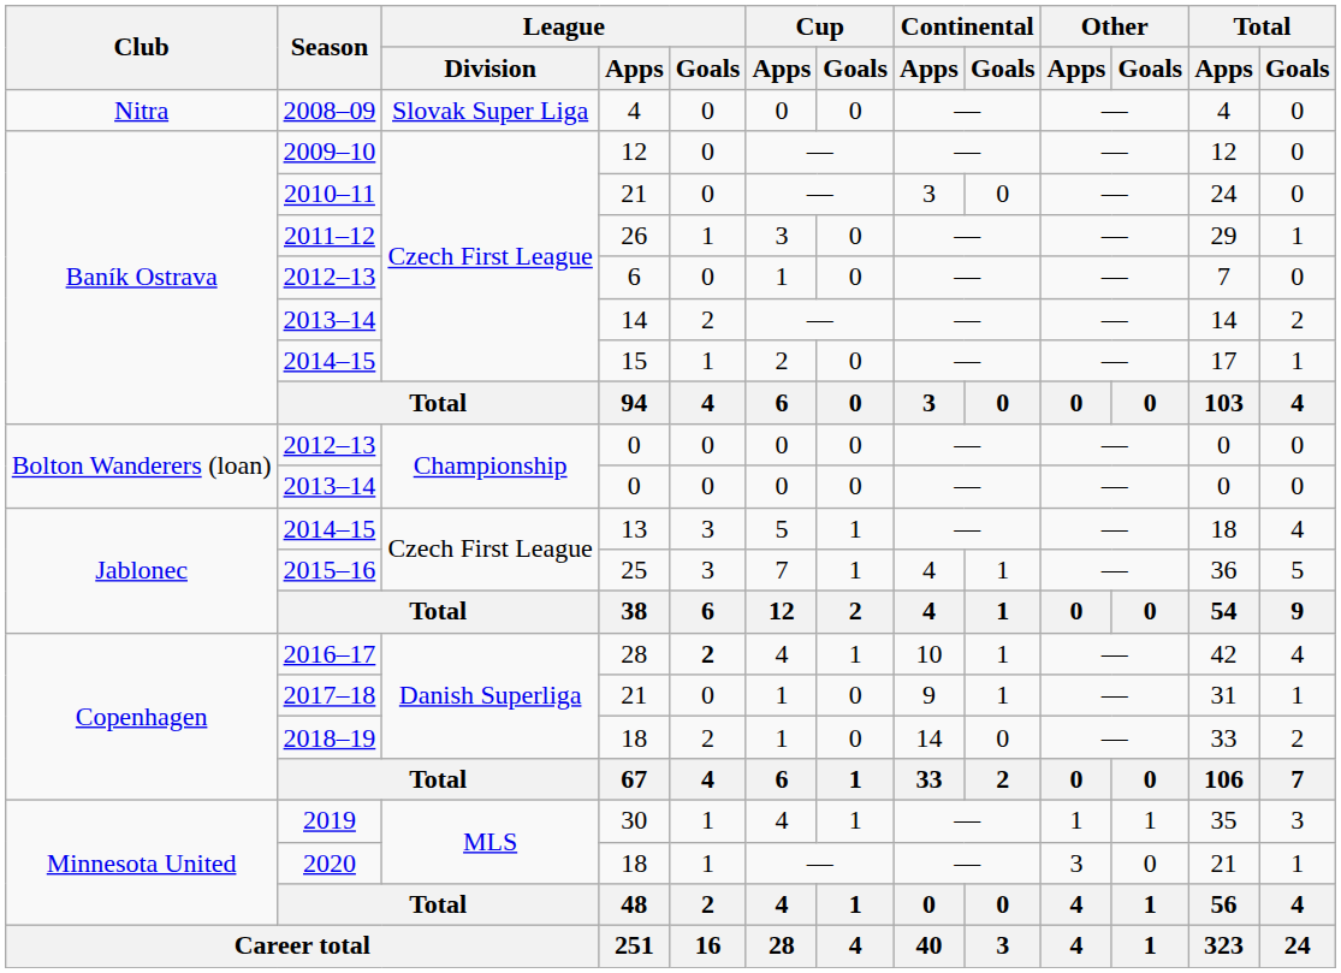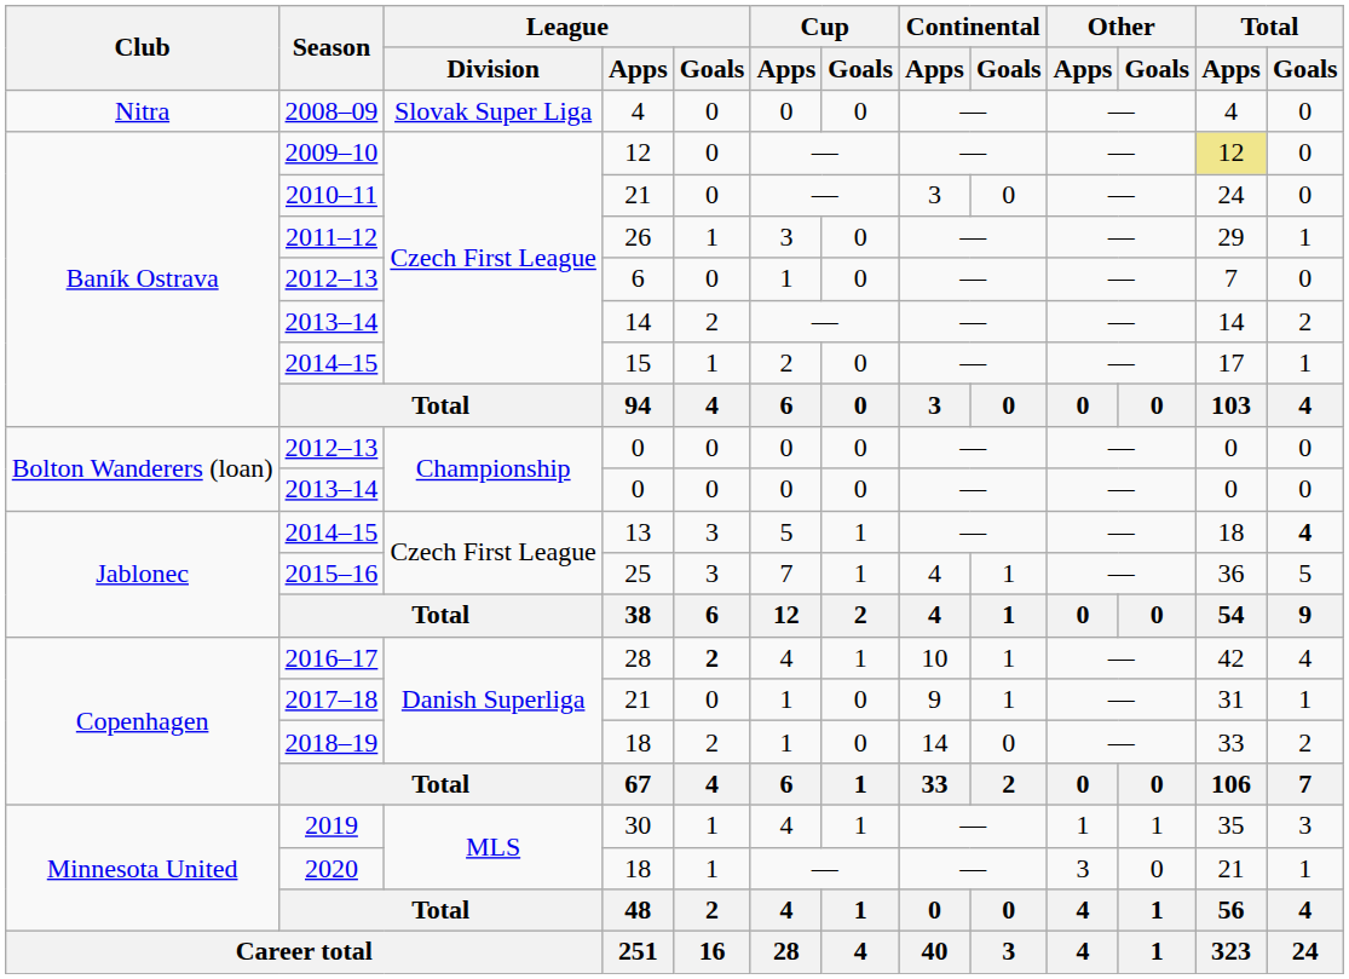 <table class="wikitable" style="text-align:center">
 <tr>
 <th rowspan="2">Club</th>
 <th rowspan="2">Season</th>
 <th colspan="3">League</th>
 <th colspan="2">Cup</th>
 <th colspan="2">Continental</th>
 <th colspan="2">Other</th>
 <th colspan="2">Total</th>
 </tr>
 <tr>
 <th>Division</th>
 <th>Apps</th>
 <th>Goals</th>
 <th>Apps</th>
 <th>Goals</th>
 <th>Apps</th>
 <th>Goals</th>
 <th>Apps</th>
 <th>Goals</th>
 <th>Apps</th>
 <th>Goals</th>
 </tr>
 <tr>
 <td><a href='#'>Nitra</a></td>
 <td><a href='#'>2008–09</a></td>
 <td><a href='#'>Slovak Super Liga</a></td>
 <td>4</td>
 <td>0</td>
 <td>0</td>
 <td>0</td>
 <td colspan="2">—</td>
 <td colspan="2">—</td>
 <td>4</td>
 <td>0</td>
 </tr>
 <tr>
 <td rowspan="7"><a href='#'>Baník Ostrava</a></td>
 <td><a href='#'>2009–10</a></td>
 <td rowspan="6"><a href='#'>Czech First League</a></td>
 <td>12</td>
 <td>0</td>
 <td colspan="2">—</td>
 <td colspan="2">—</td>
 <td colspan="2">—</td>
-<td>12</td>
+<td style="background: khaki;">12</td>
 <td>0</td>
 </tr>
 <tr>
 <td><a href='#'>2010–11</a></td>
 <td>21</td>
 <td>0</td>
 <td colspan="2">—</td>
 <td>3</td>
 <td>0</td>
 <td colspan="2">—</td>
 <td>24</td>
 <td>0</td>
 </tr>
 <tr>
 <td><a href='#'>2011–12</a></td>
 <td>26</td>
 <td>1</td>
 <td>3</td>
 <td>0</td>
 <td colspan="2">—</td>
 <td colspan="2">—</td>
 <td>29</td>
 <td>1</td>
 </tr>
 <tr>
 <td><a href='#'>2012–13</a></td>
 <td>6</td>
 <td>0</td>
 <td>1</td>
 <td>0</td>
 <td colspan="2">—</td>
 <td colspan="2">—</td>
 <td>7</td>
 <td>0</td>
 </tr>
 <tr>
 <td><a href='#'>2013–14</a></td>
 <td>14</td>
 <td>2</td>
 <td colspan="2">—</td>
 <td colspan="2">—</td>
 <td colspan="2">—</td>
 <td>14</td>
 <td>2</td>
 </tr>
 <tr>
 <td><a href='#'>2014–15</a></td>
 <td>15</td>
 <td>1</td>
 <td>2</td>
 <td>0</td>
 <td colspan="2">—</td>
 <td colspan="2">—</td>
 <td>17</td>
 <td>1</td>
 </tr>
 <tr>
 <th colspan="2">Total</th>
 <th>94</th>
 <th>4</th>
 <th>6</th>
 <th>0</th>
 <th>3</th>
 <th>0</th>
 <th>0</th>
 <th>0</th>
 <th>103</th>
 <th>4</th>
 </tr>
 <tr>
 <td rowspan="2"><a href='#'>Bolton Wanderers</a> (loan)</td>
 <td><a href='#'>2012–13</a></td>
 <td rowspan="2"><a href='#'>Championship</a></td>
 <td>0</td>
 <td>0</td>
 <td>0</td>
 <td>0</td>
 <td colspan="2">—</td>
 <td colspan="2">—</td>
 <td>0</td>
 <td>0</td>
 </tr>
 <tr>
 <td><a href='#'>2013–14</a></td>
 <td>0</td>
 <td>0</td>
 <td>0</td>
 <td>0</td>
 <td colspan="2">—</td>
 <td colspan="2">—</td>
 <td>0</td>
 <td>0</td>
 </tr>
 <tr>
 <td rowspan="3"><a href='#'>Jablonec</a></td>
 <td><a href='#'>2014–15</a></td>
 <td rowspan="2">Czech First League</td>
 <td>13</td>
 <td>3</td>
 <td>5</td>
 <td>1</td>
 <td colspan="2">—</td>
 <td colspan="2">—</td>
 <td>18</td>
-<td>4</td>
+<td><strong>4</strong></td>
 </tr>
 <tr>
 <td><a href='#'>2015–16</a></td>
 <td>25</td>
 <td>3</td>
 <td>7</td>
 <td>1</td>
 <td>4</td>
 <td>1</td>
 <td colspan="2">—</td>
 <td>36</td>
 <td>5</td>
 </tr>
 <tr>
 <th colspan="2">Total</th>
 <th>38</th>
 <th>6</th>
 <th>12</th>
 <th>2</th>
 <th>4</th>
 <th>1</th>
 <th>0</th>
 <th>0</th>
 <th>54</th>
 <th>9</th>
 </tr>
 <tr>
 <td rowspan="4"><a href='#'>Copenhagen</a></td>
 <td><a href='#'>2016–17</a></td>
 <td rowspan="3"><a href='#'>Danish Superliga</a></td>
 <td>28</td>
 <td><strong>2</strong></td>
 <td>4</td>
 <td>1</td>
 <td>10</td>
 <td>1</td>
 <td colspan="2">—</td>
 <td>42</td>
 <td>4</td>
 </tr>
 <tr>
 <td><a href='#'>2017–18</a></td>
 <td>21</td>
 <td>0</td>
 <td>1</td>
 <td>0</td>
 <td>9</td>
 <td>1</td>
 <td colspan="2">—</td>
 <td>31</td>
 <td>1</td>
 </tr>
 <tr>
 <td><a href='#'>2018–19</a></td>
 <td>18</td>
 <td>2</td>
 <td>1</td>
 <td>0</td>
 <td>14</td>
 <td>0</td>
 <td colspan="2">—</td>
 <td>33</td>
 <td>2</td>
 </tr>
 <tr>
 <th colspan="2">Total</th>
 <th>67</th>
 <th>4</th>
 <th>6</th>
 <th>1</th>
 <th>33</th>
 <th>2</th>
 <th>0</th>
 <th>0</th>
 <th>106</th>
 <th>7</th>
 </tr>
 <tr>
 <td rowspan="3"><a href='#'>Minnesota United</a></td>
 <td><a href='#'>2019</a></td>
 <td rowspan="2"><a href='#'>MLS</a></td>
 <td>30</td>
 <td>1</td>
 <td>4</td>
 <td>1</td>
 <td colspan="2">—</td>
 <td>1</td>
 <td>1</td>
 <td>35</td>
 <td>3</td>
 </tr>
 <tr>
 <td><a href='#'>2020</a></td>
 <td>18</td>
 <td>1</td>
 <td colspan="2">—</td>
 <td colspan="2">—</td>
 <td>3</td>
 <td>0</td>
 <td>21</td>
 <td>1</td>
 </tr>
 <tr>
 <th colspan="2">Total</th>
 <th>48</th>
 <th>2</th>
 <th>4</th>
 <th>1</th>
 <th>0</th>
 <th>0</th>
 <th>4</th>
 <th>1</th>
 <th>56</th>
 <th>4</th>
 </tr>
 <tr>
 <th colspan="3">Career total</th>
 <th>251</th>
 <th>16</th>
 <th>28</th>
 <th>4</th>
 <th>40</th>
 <th>3</th>
 <th>4</th>
 <th>1</th>
 <th>323</th>
 <th>24</th>
 </tr>
 </table>
